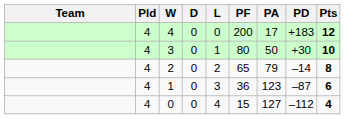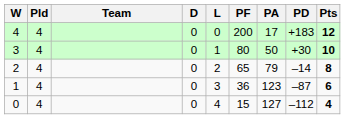 <table class="wikitable" style="text-align:center;">
 <tr>
+<th width=25 abbr="Won">W</th>
+<th width=25 abbr="Played">Pld</th>
 <th width=175>Team</th>
-<th width=25 abbr="Played">Pld</th>
-<th width=25 abbr="Won">W</th>
 <th width=25 abbr="Drawn">D</th>
 <th width=25 abbr="Lost">L</th>
 <th width=32 abbr="Points for">PF</th>
 <th width=32 abbr="Points against">PA</th>
 <th width=32 abbr="Points difference">PD</th>
 <th width=25 abbr="Points">Pts</th>
 </tr>
 <tr bgcolor=ccffcc>
-<td align=left></td>
 <td>4</td>
 <td>4</td>
+<td align=left></td>
 <td>0</td>
 <td>0</td>
 <td>200</td>
 <td>17</td>
 <td>+183</td>
 <td><strong>12</strong></td>
 </tr>
 <tr bgcolor=ccffcc>
+<td>3</td>
+<td>4</td>
 <td align=left></td>
-<td>4</td>
-<td>3</td>
 <td>0</td>
 <td>1</td>
 <td>80</td>
 <td>50</td>
 <td>+30</td>
 <td><strong>10</strong></td>
 </tr>
 <tr>
+<td>2</td>
+<td>4</td>
 <td align=left></td>
-<td>4</td>
-<td>2</td>
 <td>0</td>
 <td>2</td>
 <td>65</td>
 <td>79</td>
 <td>–14</td>
 <td><strong>8</strong></td>
 </tr>
 <tr>
+<td>1</td>
+<td>4</td>
 <td align=left></td>
-<td>4</td>
-<td>1</td>
 <td>0</td>
 <td>3</td>
 <td>36</td>
 <td>123</td>
 <td>–87</td>
 <td><strong>6</strong></td>
 </tr>
 <tr>
+<td>0</td>
+<td>4</td>
 <td align=left></td>
-<td>4</td>
-<td>0</td>
 <td>0</td>
 <td>4</td>
 <td>15</td>
 <td>127</td>
 <td>–112</td>
 <td><strong>4</strong></td>
 </tr>
 </table>
